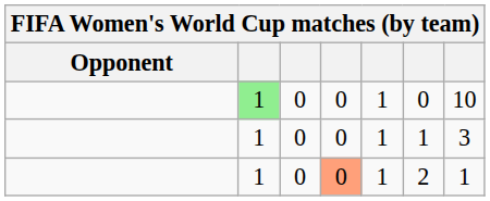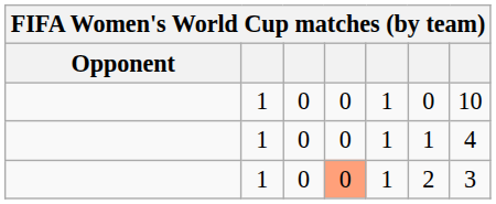 <table class="wikitable sortable" style="text-align: center;">
 <tr>
 <th colspan=7>FIFA Women's World Cup matches (by team)</th>
 </tr>
 <tr>
 <th>Opponent</th>
 <th style="width:20px;"></th>
 <th style="width:20px;"></th>
 <th style="width:20px;"></th>
 <th style="width:20px;"></th>
 <th style="width:20px;"></th>
 <th style="width:20px;"></th>
 </tr>
 <tr>
 <td align="left"></td>
-<td style="background: lightgreen;">1</td>
+<td>1</td>
 <td>0</td>
 <td>0</td>
 <td>1</td>
 <td>0</td>
 <td>10</td>
 </tr>
 <tr>
 <td align="left"></td>
 <td>1</td>
 <td>0</td>
 <td>0</td>
 <td>1</td>
 <td>1</td>
-<td>3</td>
+<td>4</td>
 </tr>
 <tr>
 <td align="left"></td>
 <td>1</td>
 <td>0</td>
 <td style="background: lightsalmon;">0</td>
 <td>1</td>
 <td>2</td>
-<td>1</td>
+<td>3</td>
 </tr>
 </table>
